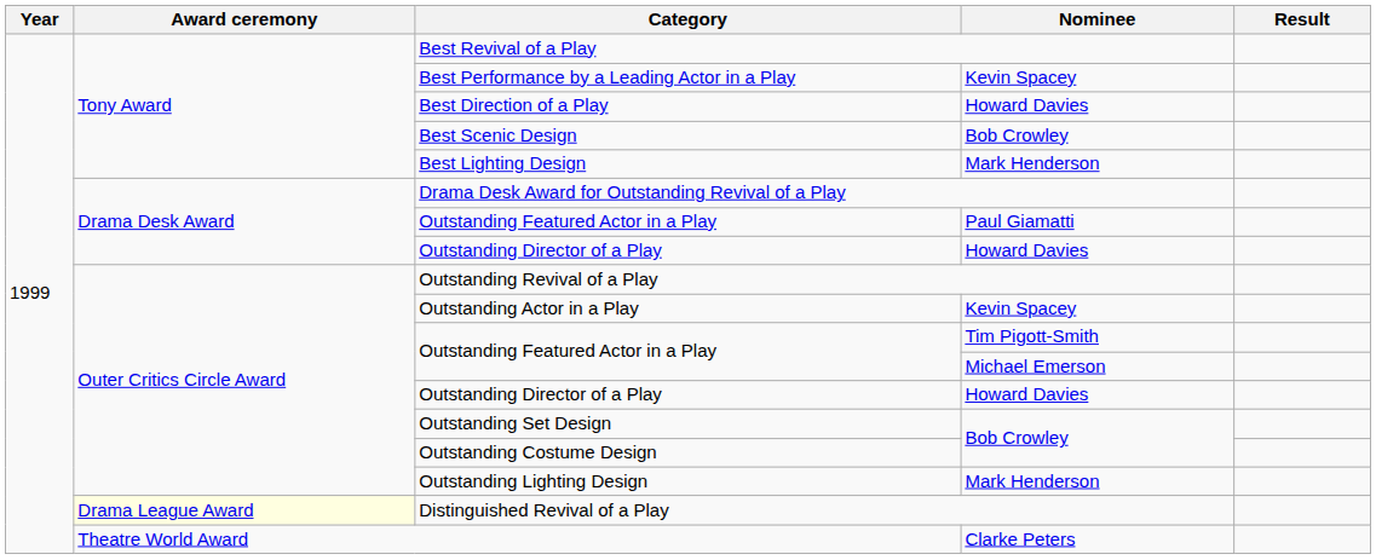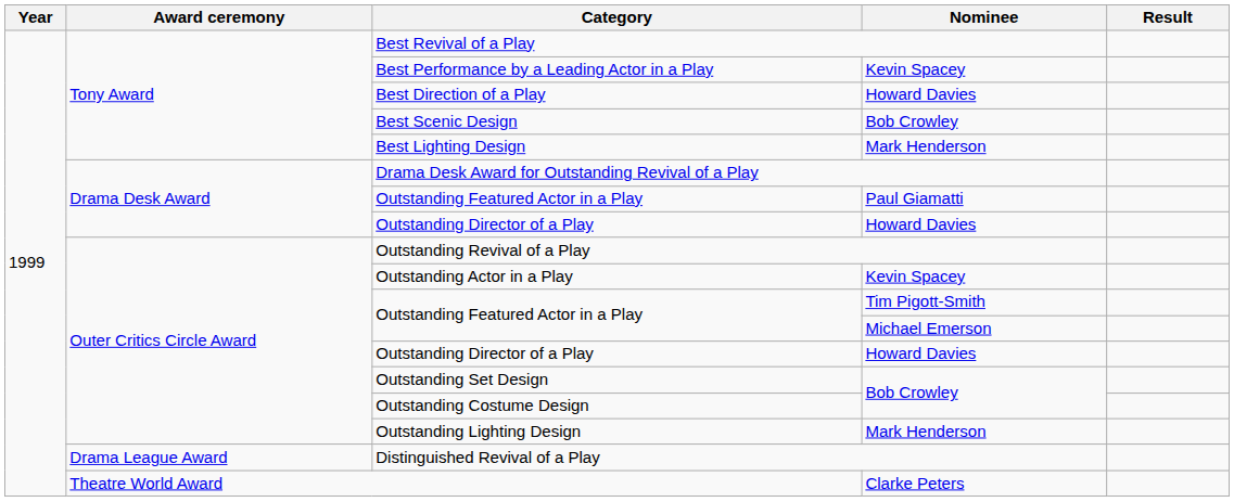 <table class="wikitable" style="width:95%;">
 <tr>
 <th style="width:5%;">Year</th>
 <th style="width:25%;">Award ceremony</th>
 <th style="width:40%;">Category</th>
 <th style="width:20%;">Nominee</th>
 <th style="width:10%;">Result</th>
 </tr>
 <tr>
 <td rowspan="18">1999</td>
 <td rowspan="5"><a href='#'>Tony Award</a></td>
 <td colspan="2"><a href='#'>Best Revival of a Play</a></td>
 <td></td>
 </tr>
 <tr>
 <td><a href='#'>Best Performance by a Leading Actor in a Play</a></td>
 <td><a href='#'>Kevin Spacey</a></td>
 <td></td>
 </tr>
 <tr>
 <td><a href='#'>Best Direction of a Play</a></td>
 <td><a href='#'>Howard Davies</a></td>
 <td></td>
 </tr>
 <tr>
 <td><a href='#'>Best Scenic Design</a></td>
 <td><a href='#'>Bob Crowley</a></td>
 <td></td>
 </tr>
 <tr>
 <td><a href='#'>Best Lighting Design</a></td>
 <td><a href='#'>Mark Henderson</a></td>
 <td></td>
 </tr>
 <tr>
 <td rowspan="3"><a href='#'>Drama Desk Award</a></td>
 <td colspan="2"><a href='#'>Drama Desk Award for Outstanding Revival of a Play</a></td>
 <td></td>
 </tr>
 <tr>
 <td><a href='#'>Outstanding Featured Actor in a Play</a></td>
 <td><a href='#'>Paul Giamatti</a></td>
 <td></td>
 </tr>
 <tr>
 <td><a href='#'>Outstanding Director of a Play</a></td>
 <td><a href='#'>Howard Davies</a></td>
 <td></td>
 </tr>
 <tr>
 <td rowspan="8"><a href='#'>Outer Critics Circle Award</a></td>
 <td colspan="2">Outstanding Revival of a Play</td>
 <td></td>
 </tr>
 <tr>
 <td>Outstanding Actor in a Play</td>
 <td><a href='#'>Kevin Spacey</a></td>
 <td></td>
 </tr>
 <tr>
 <td rowspan="2">Outstanding Featured Actor in a Play</td>
 <td><a href='#'>Tim Pigott-Smith</a></td>
 <td></td>
 </tr>
 <tr>
 <td><a href='#'>Michael Emerson</a></td>
 <td></td>
 </tr>
 <tr>
 <td>Outstanding Director of a Play</td>
 <td><a href='#'>Howard Davies</a></td>
 <td></td>
 </tr>
 <tr>
 <td>Outstanding Set Design</td>
 <td rowspan="2"><a href='#'>Bob Crowley</a></td>
 <td></td>
 </tr>
 <tr>
 <td>Outstanding Costume Design</td>
 <td></td>
 </tr>
 <tr>
 <td>Outstanding Lighting Design</td>
 <td><a href='#'>Mark Henderson</a></td>
 <td></td>
 </tr>
 <tr>
-<td style="background: lightyellow;"><a href='#'>Drama League Award</a></td>
+<td><a href='#'>Drama League Award</a></td>
 <td colspan="2">Distinguished Revival of a Play</td>
 <td></td>
 </tr>
 <tr>
 <td colspan="2"><a href='#'>Theatre World Award</a></td>
 <td><a href='#'>Clarke Peters</a></td>
 <td></td>
 </tr>
 </table>
